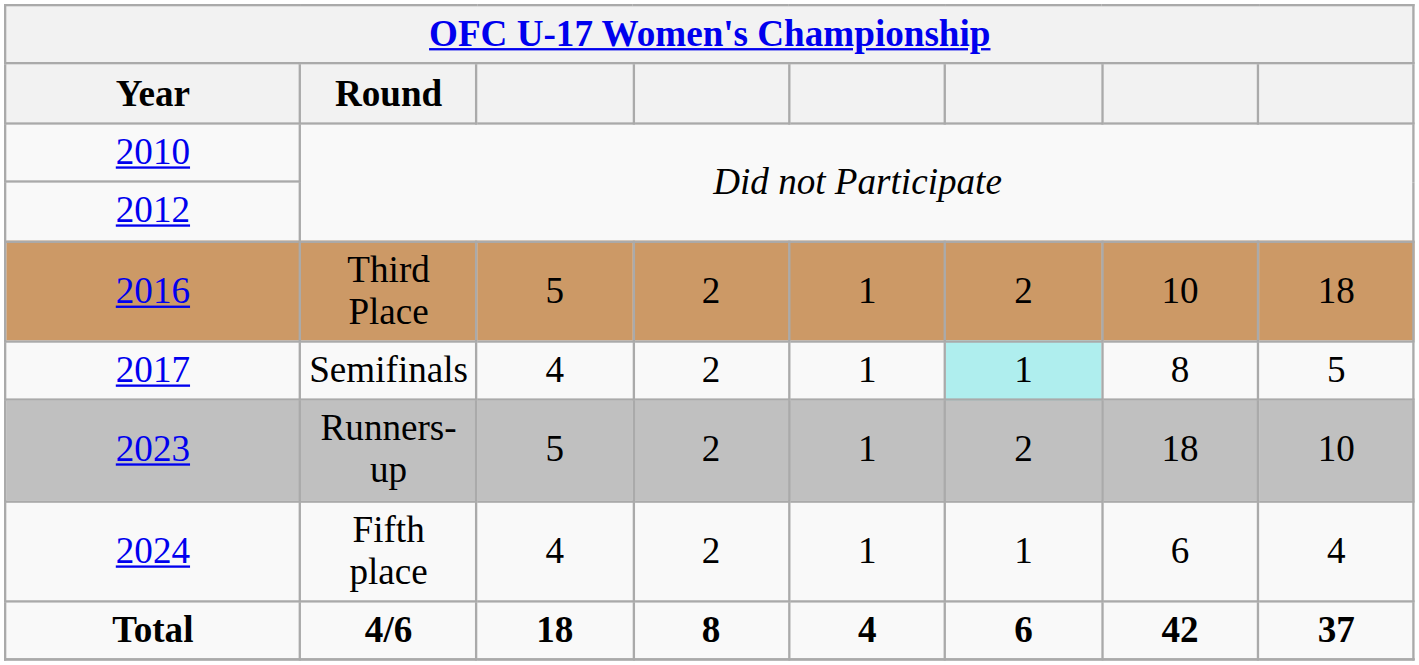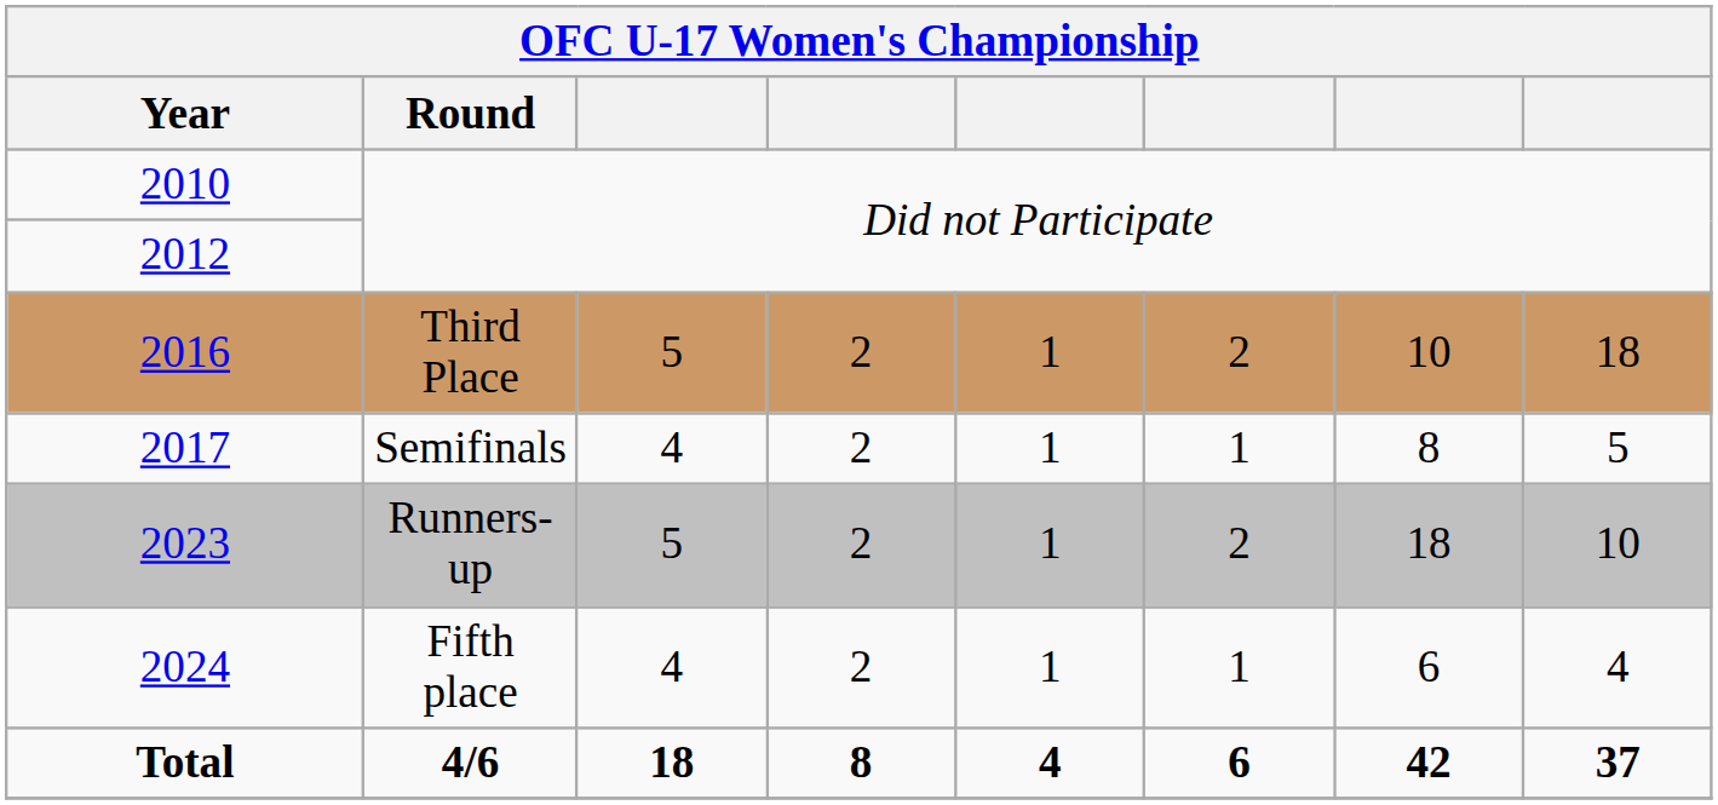 <table class="wikitable" style="text-align: center;">
 <tr>
 <th colspan=10><a href='#'>OFC U-17 Women's Championship</a></th>
 </tr>
 <tr>
 <th width=120>Year</th>
 <th width=60>Round</th>
 <th width=60></th>
 <th width=60></th>
 <th width=60></th>
 <th width=60></th>
 <th width=60></th>
 <th width=60></th>
 </tr>
 <tr>
 <td> <a href='#'>2010</a></td>
 <td colspan=8 rowspan=2><em>Did not Participate</em></td>
 </tr>
 <tr>
 <td> <a href='#'>2012</a></td>
 </tr>
 <tr bgcolor=#cc9966>
 <td> <a href='#'>2016</a></td>
 <td>Third Place</td>
 <td>5</td>
 <td>2</td>
 <td>1</td>
 <td>2</td>
 <td>10</td>
 <td>18</td>
 </tr>
 <tr>
 <td> <a href='#'>2017</a></td>
 <td>Semifinals</td>
 <td>4</td>
 <td>2</td>
 <td>1</td>
-<td style="background: paleturquoise;">1</td>
+<td>1</td>
 <td>8</td>
 <td>5</td>
 </tr>
 <tr bgcolor=silver>
 <td> <a href='#'>2023</a></td>
 <td>Runners-up</td>
 <td>5</td>
 <td>2</td>
 <td>1</td>
 <td>2</td>
 <td>18</td>
 <td>10</td>
 </tr>
 <tr>
 <td> <a href='#'>2024</a></td>
 <td>Fifth place</td>
 <td>4</td>
 <td>2</td>
 <td>1</td>
 <td>1</td>
 <td>6</td>
 <td>4</td>
 </tr>
 <tr>
 <td><strong>Total</strong></td>
 <td><strong>4/6</strong></td>
 <td><strong>18</strong></td>
 <td><strong>8</strong></td>
 <td><strong>4</strong></td>
 <td><strong>6</strong></td>
 <td><strong>42</strong></td>
 <td><strong>37</strong></td>
 </tr>
 <tr>
 </tr>
 </table>
